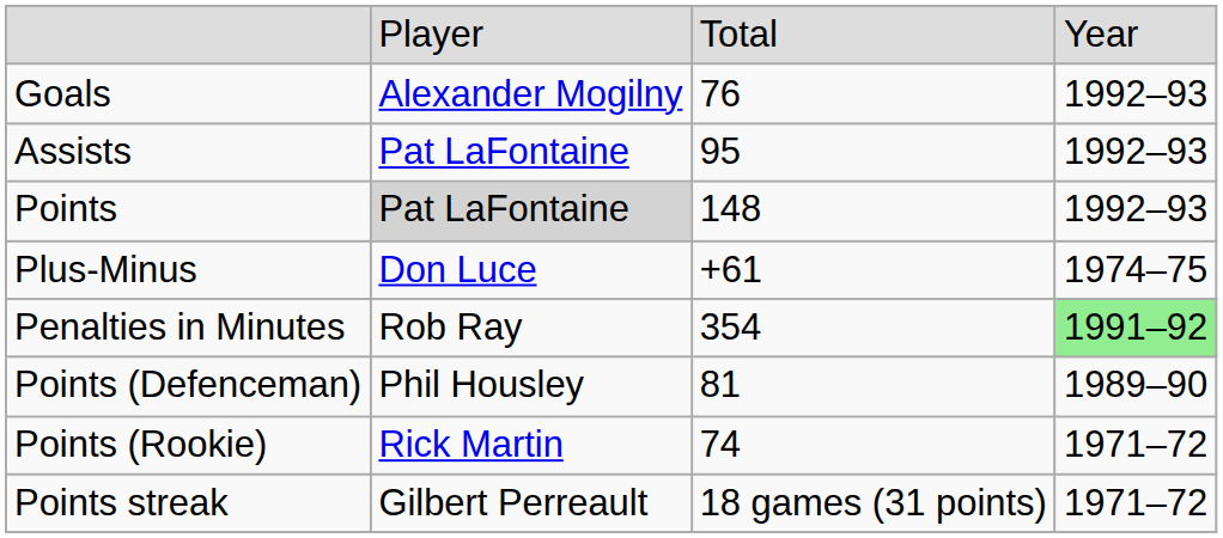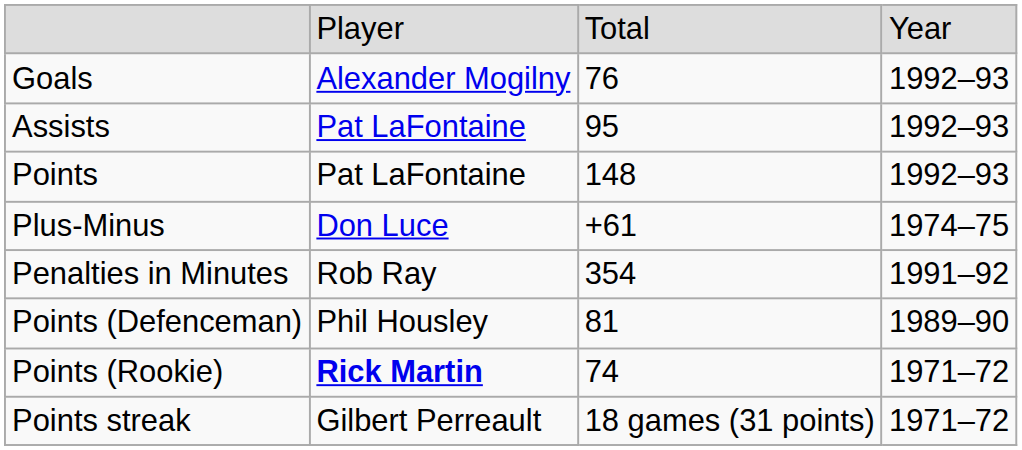 <table class="wikitable">
 <tr bgcolor="#dddddd">
 <td></td>
 <td>Player</td>
 <td>Total</td>
 <td>Year</td>
 </tr>
 <tr>
 <td>Goals</td>
 <td><a href='#'>Alexander Mogilny</a></td>
 <td>76</td>
 <td>1992–93</td>
 </tr>
 <tr>
 <td>Assists</td>
 <td><a href='#'>Pat LaFontaine</a></td>
 <td>95</td>
 <td>1992–93</td>
 </tr>
 <tr>
 <td>Points</td>
-<td style="background: lightgrey;">Pat LaFontaine</td>
+<td>Pat LaFontaine</td>
 <td>148</td>
 <td>1992–93</td>
 </tr>
 <tr>
 <td>Plus-Minus</td>
 <td><a href='#'>Don Luce</a></td>
 <td>+61</td>
 <td>1974–75</td>
 </tr>
 <tr>
 <td>Penalties in Minutes</td>
 <td>Rob Ray</td>
 <td>354</td>
-<td style="background: lightgreen;">1991–92</td>
+<td>1991–92</td>
 </tr>
 <tr>
 <td>Points (Defenceman)</td>
 <td>Phil Housley</td>
 <td>81</td>
 <td>1989–90</td>
 </tr>
 <tr>
 <td>Points (Rookie)</td>
-<td><a href='#'>Rick Martin</a></td>
+<td><strong><a href='#'>Rick Martin</a></strong></td>
 <td>74</td>
 <td>1971–72</td>
 </tr>
 <tr>
 <td>Points streak</td>
 <td>Gilbert Perreault</td>
 <td>18 games (31 points)</td>
 <td>1971–72</td>
 </tr>
 </table>
